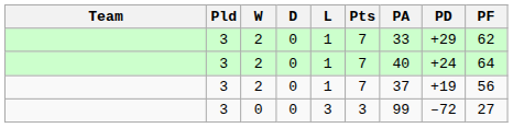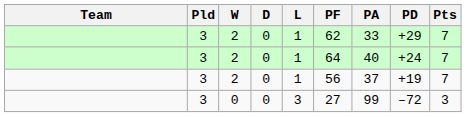 <table class="wikitable" style="text-align:center;">
 <tr>
 <th width=175>Team</th>
 <th style="width:25px;" abbr="Played">Pld</th>
 <th style="width:25px;" abbr="Won">W</th>
 <th style="width:25px;" abbr="Drawn">D</th>
 <th style="width:25px;" abbr="Lost">L</th>
-<th style="width:25px;" abbr="Points">Pts</th>
+<th style="width:32px;" abbr="Points for">PF</th>
 <th style="width:32px;" abbr="Points against">PA</th>
 <th style="width:32px;" abbr="Points difference">PD</th>
-<th style="width:32px;" abbr="Points for">PF</th>
+<th style="width:25px;" abbr="Points">Pts</th>
 </tr>
 <tr style="background:#cfc;">
 <td style="text-align:left;"></td>
 <td>3</td>
 <td>2</td>
 <td>0</td>
 <td>1</td>
-<td>7</td>
+<td>62</td>
 <td>33</td>
 <td>+29</td>
-<td>62</td>
+<td>7</td>
 </tr>
 <tr style="background:#cfc;">
 <td style="text-align:left;"></td>
 <td>3</td>
 <td>2</td>
 <td>0</td>
 <td>1</td>
-<td>7</td>
+<td>64</td>
 <td>40</td>
 <td>+24</td>
-<td>64</td>
+<td>7</td>
 </tr>
 <tr>
 <td style="text-align:left;"></td>
 <td>3</td>
 <td>2</td>
 <td>0</td>
 <td>1</td>
-<td>7</td>
+<td>56</td>
 <td>37</td>
 <td>+19</td>
-<td>56</td>
+<td>7</td>
 </tr>
 <tr>
 <td style="text-align:left;"></td>
 <td>3</td>
 <td>0</td>
 <td>0</td>
 <td>3</td>
-<td>3</td>
+<td>27</td>
 <td>99</td>
 <td>–72</td>
-<td>27</td>
+<td>3</td>
 </tr>
 </table>
